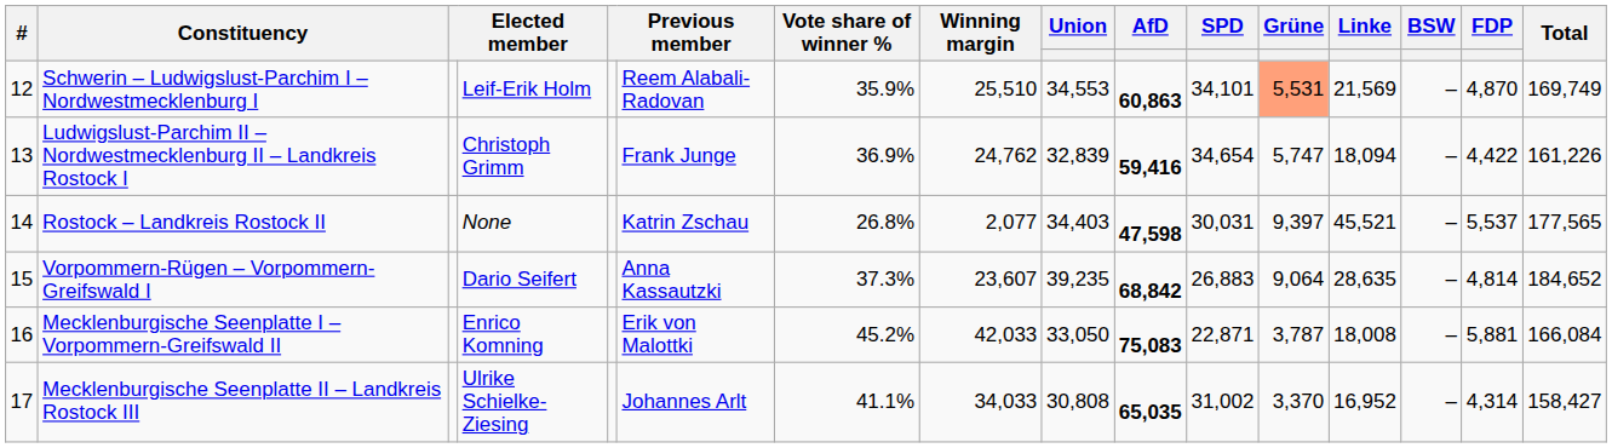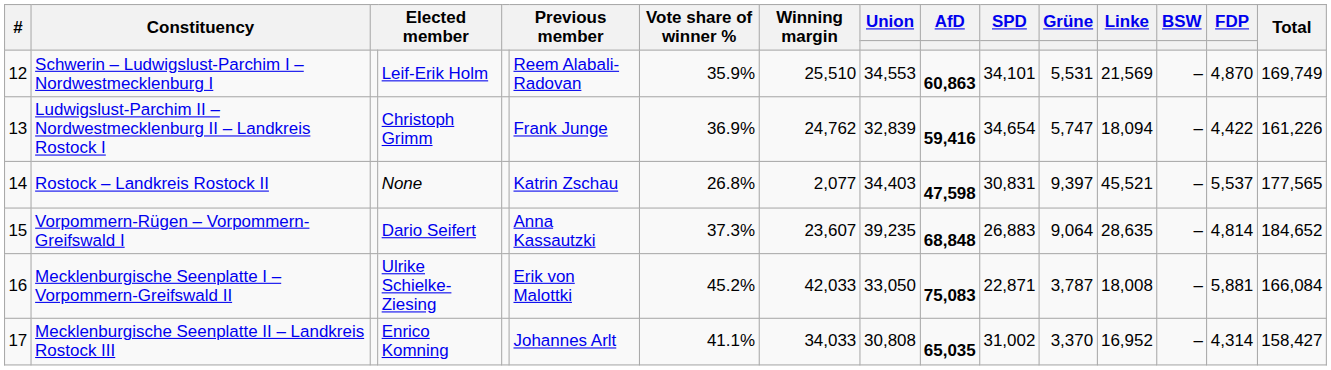 <table class="wikitable sortable" style="text-align:right">
 <tr>
 <th rowspan="2">#</th>
 <th rowspan="2">Constituency</th>
 <th rowspan="2" colspan="2">Elected member</th>
 <th rowspan="2" colspan="2">Previous member</th>
 <th rowspan="2">Vote share of winner %</th>
 <th rowspan="2">Winning margin</th>
 <th class="wikitable sortable" style="width:40px;"><a href='#'>Union</a></th>
 <th class="wikitable sortable" style="width:40px;"><a href='#'>AfD</a></th>
 <th class="wikitable sortable" style="width:40px;"><a href='#'>SPD</a></th>
 <th class="wikitable sortable" style="width:40px;"><a href='#'>Grüne</a></th>
 <th class="wikitable sortable" style="width:40px;"><a href='#'>Linke</a></th>
 <th class="wikitable sortable" style="width:40px;"><a href='#'>BSW</a></th>
 <th class="wikitable sortable" style="width:40px;"><a href='#'>FDP</a></th>
 <th class="wikitable sortable" style="width:40px;" rowspan=2>Total</th>
 </tr>
 <tr>
 <th class="wikitable sortable" style="background:"></th>
 <th class="wikitable sortable" style="background:"></th>
 <th class="wikitable sortable" style="background:"></th>
 <th class="wikitable sortable" style="background:"></th>
 <th class="wikitable sortable" style="background:"></th>
 <th class="wikitable sortable" style="background:"></th>
 <th class="wikitable sortable" style="background:"></th>
 </tr>
 <tr>
 <td>12</td>
 <td align=left><a href='#'>Schwerin – Ludwigslust-Parchim I – Nordwestmecklenburg I</a></td>
 <td bgcolor=></td>
 <td align=left><a href='#'>Leif-Erik Holm</a></td>
 <td bgcolor=></td>
 <td align=left><a href='#'>Reem Alabali-Radovan</a></td>
 <td>35.9%</td>
 <td>25,510</td>
 <td>34,553</td>
 <td><br><strong>60,863</strong></td>
 <td>34,101</td>
-<td style="background: lightsalmon;">5,531</td>
+<td>5,531</td>
 <td>21,569</td>
 <td>–</td>
 <td>4,870</td>
 <td>169,749</td>
 </tr>
 <tr>
 <td>13</td>
 <td align=left><a href='#'>Ludwigslust-Parchim II – Nordwestmecklenburg II – Landkreis Rostock I</a></td>
 <td bgcolor=></td>
 <td align=left><a href='#'>Christoph Grimm</a></td>
 <td bgcolor=></td>
 <td align=left><a href='#'>Frank Junge</a></td>
 <td>36.9%</td>
 <td>24,762</td>
 <td>32,839</td>
 <td><br><strong>59,416</strong></td>
 <td>34,654</td>
 <td>5,747</td>
 <td>18,094</td>
 <td>–</td>
 <td>4,422</td>
 <td>161,226</td>
 </tr>
 <tr>
 <td>14</td>
 <td align=left><a href='#'>Rostock – Landkreis Rostock II</a></td>
 <td bgcolor=></td>
 <td align=left><em>None</em></td>
 <td bgcolor=></td>
 <td align=left><a href='#'>Katrin Zschau</a></td>
 <td>26.8%</td>
 <td>2,077</td>
 <td>34,403</td>
 <td><br><strong>47,598</strong></td>
-<td>30,031</td>
+<td>30,831</td>
 <td>9,397</td>
 <td>45,521</td>
 <td>–</td>
 <td>5,537</td>
 <td>177,565</td>
 </tr>
 <tr>
 <td>15</td>
 <td align=left><a href='#'>Vorpommern-Rügen – Vorpommern-Greifswald I</a></td>
 <td bgcolor=></td>
 <td align=left><a href='#'>Dario Seifert</a></td>
 <td bgcolor=></td>
 <td align=left><a href='#'>Anna Kassautzki</a></td>
 <td>37.3%</td>
 <td>23,607</td>
 <td>39,235</td>
-<td><br><strong>68,842</strong></td>
+<td><br><strong>68,848</strong></td>
 <td>26,883</td>
 <td>9,064</td>
 <td>28,635</td>
 <td>–</td>
 <td>4,814</td>
 <td>184,652</td>
 </tr>
 <tr>
 <td>16</td>
 <td align=left><a href='#'>Mecklenburgische Seenplatte I – Vorpommern-Greifswald II</a></td>
 <td bgcolor=></td>
-<td align=left><a href='#'>Enrico Komning</a></td>
+<td align=left><a href='#'>Ulrike Schielke-Ziesing</a></td>
 <td bgcolor=></td>
 <td align=left><a href='#'>Erik von Malottki</a></td>
 <td>45.2%</td>
 <td>42,033</td>
 <td>33,050</td>
 <td><br><strong>75,083</strong></td>
 <td>22,871</td>
 <td>3,787</td>
 <td>18,008</td>
 <td>–</td>
 <td>5,881</td>
 <td>166,084</td>
 </tr>
 <tr>
 <td>17</td>
 <td align=left><a href='#'>Mecklenburgische Seenplatte II – Landkreis Rostock III</a></td>
 <td bgcolor=></td>
-<td align=left><a href='#'>Ulrike Schielke-Ziesing</a></td>
+<td align=left><a href='#'>Enrico Komning</a></td>
 <td bgcolor=></td>
 <td align=left><a href='#'>Johannes Arlt</a></td>
 <td>41.1%</td>
 <td>34,033</td>
 <td>30,808</td>
 <td><br><strong>65,035</strong></td>
 <td>31,002</td>
 <td>3,370</td>
 <td>16,952</td>
 <td>–</td>
 <td>4,314</td>
 <td>158,427</td>
 </tr>
 </table>
